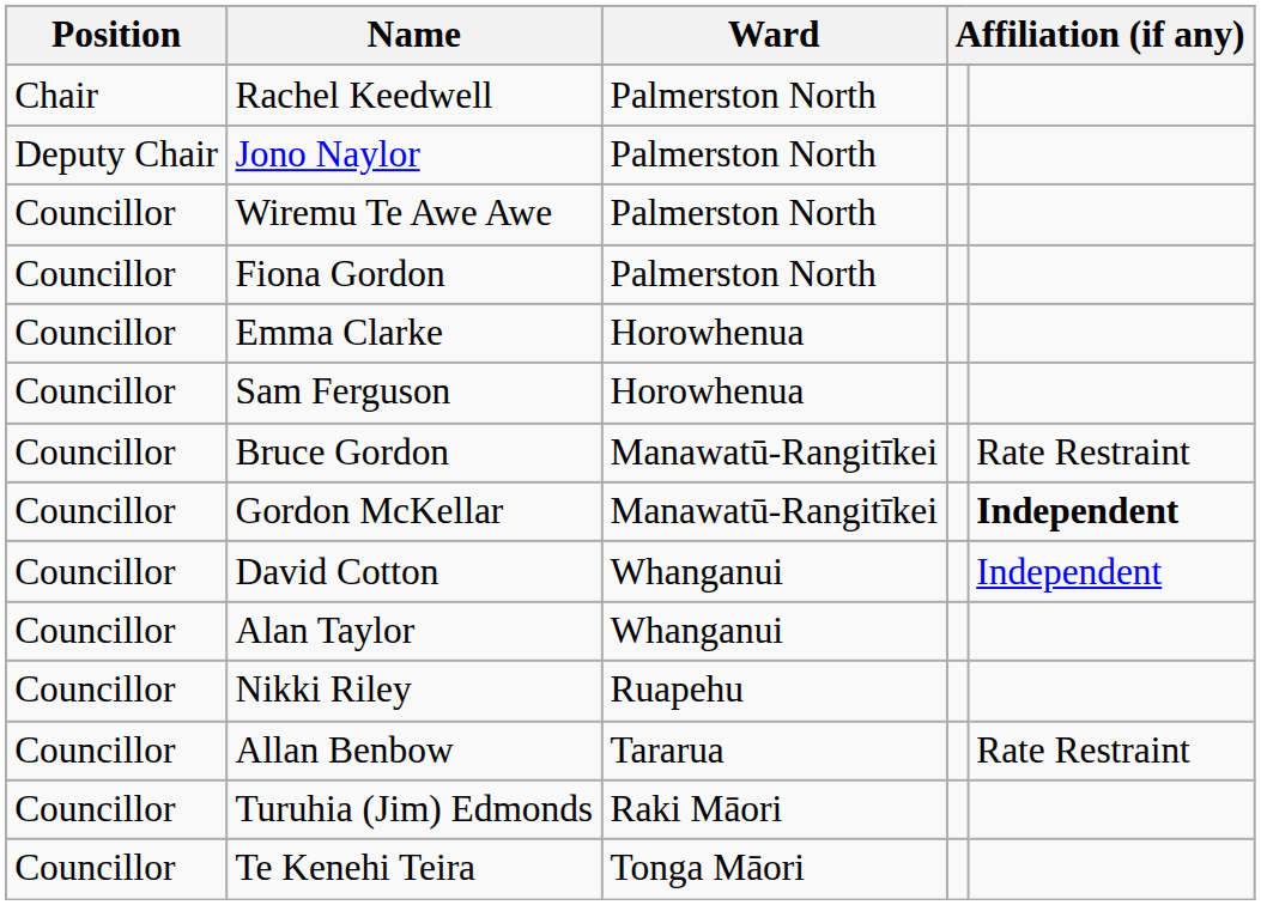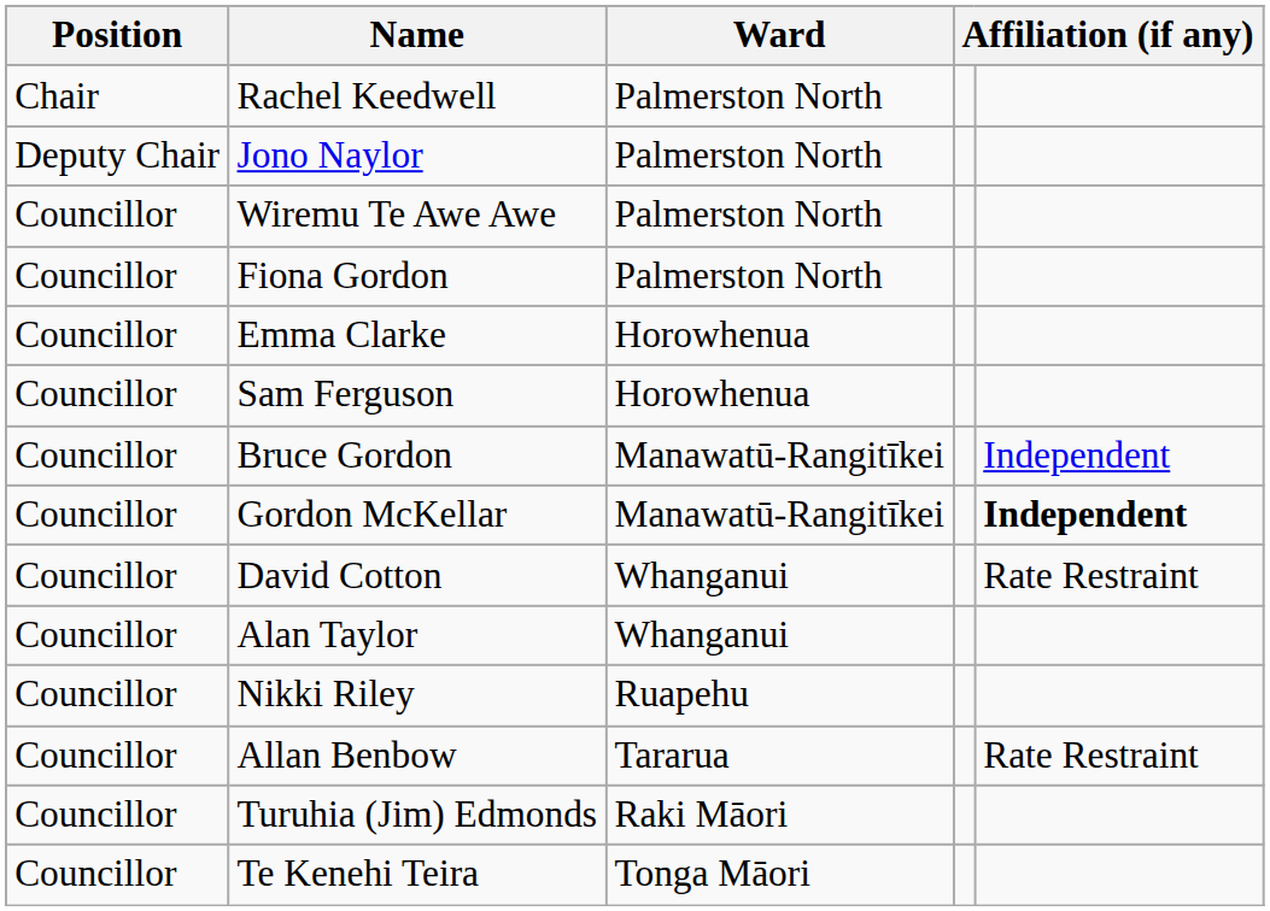 <table class="wikitable">
 <tr>
 <th>Position</th>
 <th>Name</th>
 <th>Ward</th>
 <th colspan="2">Affiliation (if any)</th>
 </tr>
 <tr>
 <td>Chair</td>
 <td>Rachel Keedwell</td>
 <td>Palmerston North</td>
 <td></td>
 <td></td>
 </tr>
 <tr>
 <td>Deputy Chair</td>
 <td><a href='#'>Jono Naylor</a></td>
 <td>Palmerston North</td>
 <td></td>
 <td></td>
 </tr>
 <tr>
 <td>Councillor</td>
 <td>Wiremu Te Awe Awe</td>
 <td>Palmerston North</td>
 <td></td>
 <td></td>
 </tr>
 <tr>
 <td>Councillor</td>
 <td>Fiona Gordon</td>
 <td>Palmerston North</td>
 <td></td>
 <td></td>
 </tr>
 <tr>
 <td>Councillor</td>
 <td>Emma Clarke</td>
 <td>Horowhenua</td>
 <td></td>
 <td></td>
 </tr>
 <tr>
 <td>Councillor</td>
 <td>Sam Ferguson</td>
 <td>Horowhenua</td>
 <td></td>
 <td></td>
 </tr>
 <tr>
 <td>Councillor</td>
 <td>Bruce Gordon</td>
 <td>Manawatū-Rangitīkei</td>
 <td></td>
-<td>Rate Restraint</td>
+<td><a href='#'>Independent</a></td>
 </tr>
 <tr>
 <td>Councillor</td>
 <td>Gordon McKellar</td>
 <td>Manawatū-Rangitīkei</td>
 <td></td>
 <td><strong>Independent</strong></td>
 </tr>
 <tr>
 <td>Councillor</td>
 <td>David Cotton</td>
 <td>Whanganui</td>
 <td bgcolor=></td>
-<td><a href='#'>Independent</a></td>
+<td>Rate Restraint</td>
 </tr>
 <tr>
 <td>Councillor</td>
 <td>Alan Taylor</td>
 <td>Whanganui</td>
 <td></td>
 <td></td>
 </tr>
 <tr>
 <td>Councillor</td>
 <td>Nikki Riley</td>
 <td>Ruapehu</td>
 <td></td>
 <td></td>
 </tr>
 <tr>
 <td>Councillor</td>
 <td>Allan Benbow</td>
 <td>Tararua</td>
 <td></td>
 <td>Rate Restraint</td>
 </tr>
 <tr>
 <td>Councillor</td>
 <td>Turuhia (Jim) Edmonds</td>
 <td>Raki Māori</td>
 <td></td>
 <td></td>
 </tr>
 <tr>
 <td>Councillor</td>
 <td>Te Kenehi Teira</td>
 <td>Tonga Māori</td>
 <td></td>
 <td></td>
 </tr>
 <tr>
 </tr>
 </table>
